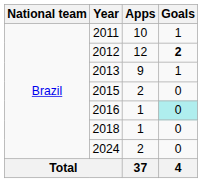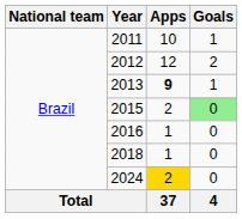 <table class="wikitable" style="text-align:center">
 <tr>
 <th>National team</th>
 <th>Year</th>
 <th>Apps</th>
 <th>Goals</th>
 </tr>
 <tr>
 <td rowspan="7"><a href='#'>Brazil</a></td>
 <td>2011</td>
 <td>10</td>
 <td>1</td>
 </tr>
 <tr>
 <td>2012</td>
 <td>12</td>
-<td><strong>2</strong></td>
+<td>2</td>
 </tr>
 <tr>
 <td>2013</td>
-<td>9</td>
+<td><strong>9</strong></td>
 <td>1</td>
 </tr>
 <tr>
 <td>2015</td>
 <td>2</td>
-<td>0</td>
+<td style="background: lightgreen;">0</td>
 </tr>
 <tr>
 <td>2016</td>
 <td>1</td>
-<td style="background: paleturquoise;">0</td>
+<td>0</td>
 </tr>
 <tr>
 <td>2018</td>
 <td>1</td>
 <td>0</td>
 </tr>
 <tr>
 <td>2024</td>
-<td>2</td>
+<td style="background: gold;">2</td>
 <td>0</td>
 </tr>
 <tr>
 <th colspan="2">Total</th>
 <th>37</th>
 <th>4</th>
 </tr>
 </table>
